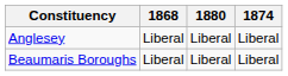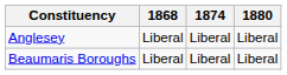 <table class="wikitable">
 <tr>
 <th>Constituency</th>
 <th>1868</th>
+<th>1874</th>
 <th>1880</th>
-<th>1874</th>
 </tr>
 <tr>
 <td><a href='#'>Anglesey</a></td>
 <td>Liberal</td>
 <td>Liberal</td>
 <td>Liberal</td>
 </tr>
 <tr>
 <td><a href='#'>Beaumaris Boroughs</a></td>
 <td>Liberal</td>
 <td>Liberal</td>
 <td>Liberal</td>
 </tr>
 </table>
